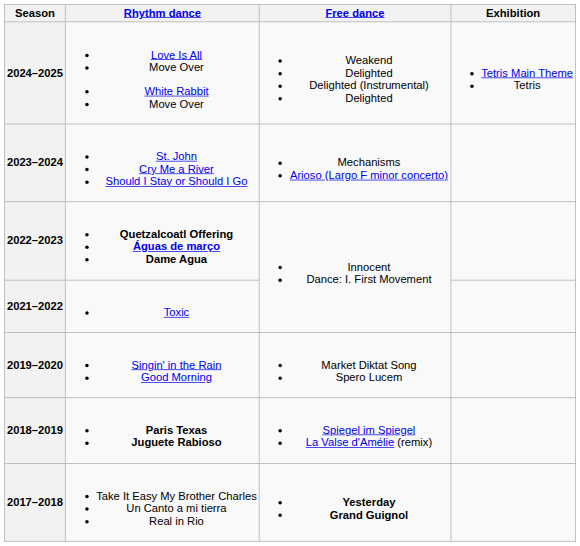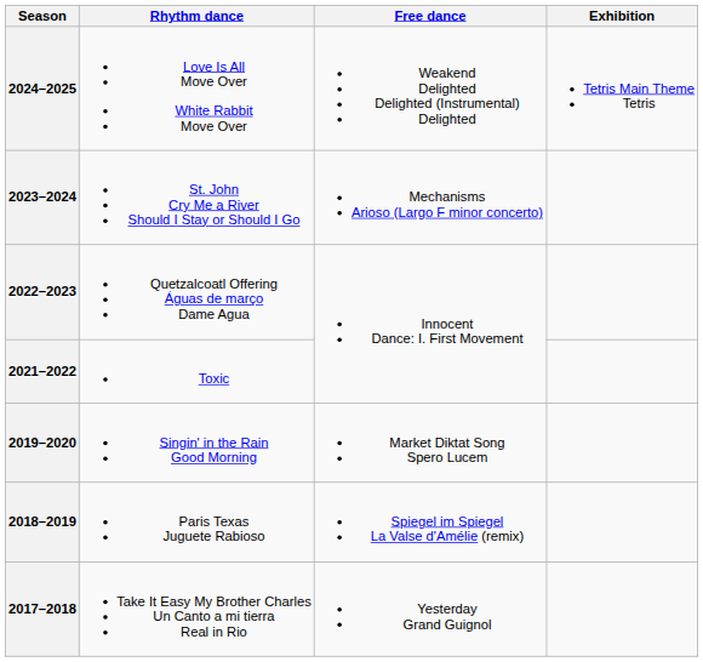 <table class=wikitable style=text-align:center>
 <tr>
 <th>Season</th>
 <th><a href='#'>Rhythm dance</a></th>
 <th><a href='#'>Free dance</a></th>
 <th>Exhibition</th>
 </tr>
 <tr>
 <th>2024–2025 <br> </th>
 <td><br><ul><li><a href='#'>Love Is All</a> <br> </li><li>Move Over <br> </li></ul><ul><li><a href='#'>White Rabbit</a> <br> </li><li>Move Over <br> </li></ul></td>
 <td><br><ul><li>Weakend</li><li>Delighted</li><li>Delighted (Instrumental)</li><li>Delighted <br> </li></ul></td>
 <td><br><ul><li><a href='#'>Tetris Main Theme</a> <br> </li><li>Tetris <br> </li></ul></td>
 </tr>
 <tr>
 <th>2023–2024 <br> </th>
 <td><br><ul><li><a href='#'>St. John</a></li><li><a href='#'>Cry Me a River</a> <br> </li><li><a href='#'>Should I Stay or Should I Go</a> <br> </li></ul></td>
 <td><br><ul><li>Mechanisms <br> </li><li><a href='#'>Arioso (Largo F minor concerto)</a> <br> </li></ul></td>
 <td></td>
 </tr>
 <tr>
 <th>2022–2023 <br> </th>
-<td><strong><br><ul><li> Quetzalcoatl Offering <br> </li><li> <a href='#'>Águas de março</a> <br> </li><li> Dame Agua <br> </li></ul></strong></td>
+<td><br><ul><li> Quetzalcoatl Offering <br> </li><li> <a href='#'>Águas de março</a> <br> </li><li> Dame Agua <br> </li></ul></td>
 <td rowspan="2"><br><ul><li>Innocent <br> </li><li>Dance: I. First Movement <br> </li></ul></td>
 <td></td>
 </tr>
 <tr>
 <th>2021–2022</th>
 <td><br><ul><li><a href='#'>Toxic</a> <br> </li></ul></td>
 <td></td>
 </tr>
 <tr>
 <th>2019–2020 <br> </th>
 <td><br><ul><li> <a href='#'>Singin' in the Rain</a></li><li> <a href='#'>Good Morning</a> <br> </li></ul></td>
 <td><br><ul><li>Market Diktat Song <br> </li><li>Spero Lucem <br> </li></ul></td>
 <td></td>
 </tr>
 <tr>
 <th>2018–2019 <br> </th>
-<td><strong><br><ul><li> Paris Texas <br> </li><li> Juguete Rabioso <br> </li></ul></strong></td>
+<td><br><ul><li> Paris Texas <br> </li><li> Juguete Rabioso <br> </li></ul></td>
 <td><br><ul><li><a href='#'>Spiegel im Spiegel</a> <br> </li><li><a href='#'>La Valse d'Amélie</a> (remix)  <br> </li></ul></td>
 <td></td>
 </tr>
 <tr>
 <th>2017–2018 <br> </th>
 <td><br><ul><li> Take It Easy My Brother Charles <br> </li><li> Un Canto a mi tierra <br> </li><li> Real in Rio <br> </li></ul></td>
-<td><strong><br><ul><li>Yesterday <br> </li><li>Grand Guignol <br> </li></ul></strong></td>
+<td><br><ul><li>Yesterday <br> </li><li>Grand Guignol <br> </li></ul></td>
 <td></td>
 </tr>
 </table>
